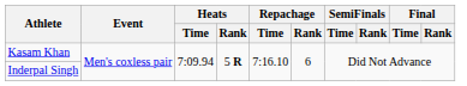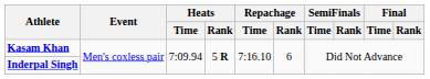 <table class="wikitable" style="text-align:center">
 <tr>
 <th rowspan="2">Athlete</th>
 <th rowspan="2">Event</th>
 <th colspan="2">Heats</th>
 <th colspan="2">Repachage</th>
 <th colspan="2">SemiFinals</th>
 <th colspan="2">Final</th>
 </tr>
 <tr>
 <th>Time</th>
 <th>Rank</th>
 <th>Time</th>
 <th>Rank</th>
 <th>Time</th>
 <th>Rank</th>
 <th>Time</th>
 <th>Rank</th>
 </tr>
 <tr>
-<td align= left><a href='#'>Kasam Khan</a></td>
+<td align= left><strong><a href='#'>Kasam Khan</a></strong></td>
 <td rowspan="2" align= left><a href='#'>Men's coxless pair</a></td>
 <td rowspan="2">7:09.94</td>
 <td rowspan="2">5 <strong>R</strong></td>
 <td rowspan="2">7:16.10</td>
 <td rowspan="2">6</td>
 <td colspan="4" rowspan="2">Did Not Advance</td>
 </tr>
 <tr>
-<td align= left><a href='#'>Inderpal Singh</a></td>
+<td align= left><strong><a href='#'>Inderpal Singh</a></strong></td>
 </tr>
 </table>
